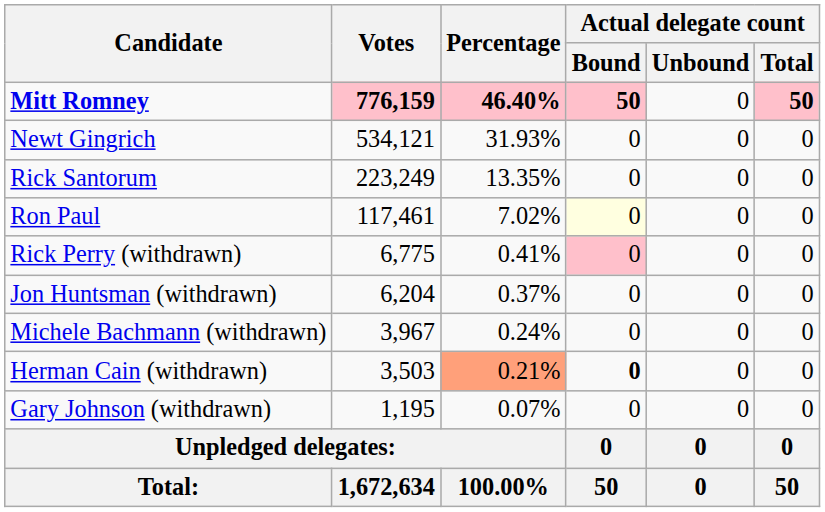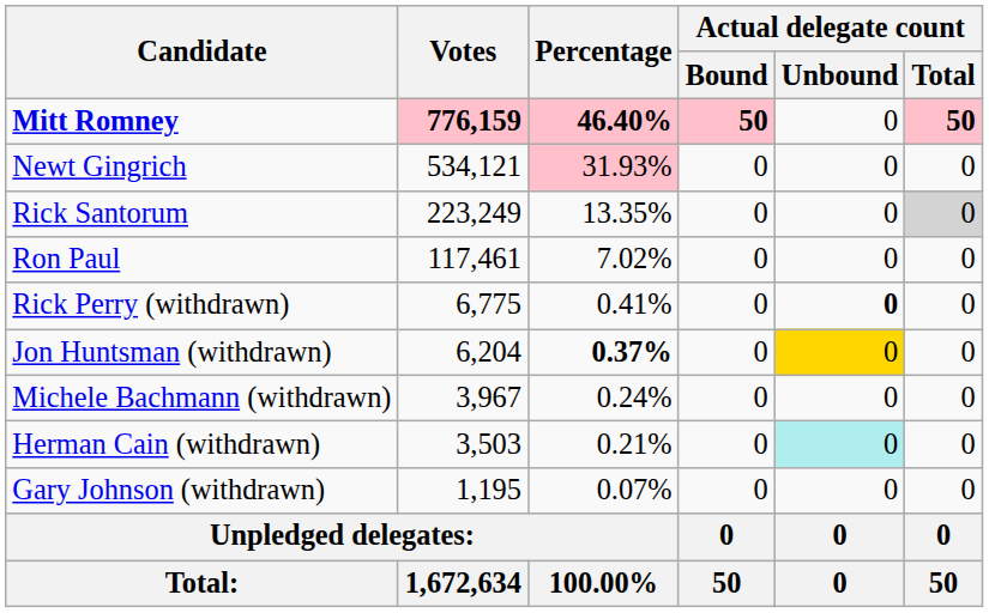 <table class="wikitable" style="text-align:right;">
 <tr>
 <th rowspan="2">Candidate</th>
 <th rowspan="2">Votes</th>
 <th rowspan="2">Percentage </th>
 <th colspan="3">Actual delegate count</th>
 </tr>
 <tr>
 <th>Bound</th>
 <th>Unbound</th>
 <th>Total</th>
 </tr>
 <tr>
 <td style="text-align:left;"> <strong><a href='#'>Mitt Romney</a></strong></td>
 <td style="background:pink;"><strong>776,159</strong></td>
 <td style="background:pink;"><strong>46.40%</strong></td>
 <td style="background:pink;"><strong>50</strong></td>
 <td>0</td>
 <td style="background:pink;"><strong>50</strong></td>
 </tr>
 <tr>
 <td style="text-align:left;"><a href='#'>Newt Gingrich</a></td>
 <td>534,121</td>
-<td>31.93%</td>
+<td style="background: pink;">31.93%</td>
 <td>0</td>
 <td>0</td>
 <td>0</td>
 </tr>
 <tr>
 <td style="text-align:left;"><a href='#'>Rick Santorum</a></td>
 <td>223,249</td>
 <td>13.35%</td>
 <td>0</td>
 <td>0</td>
-<td>0</td>
+<td style="background: lightgrey;">0</td>
 </tr>
 <tr>
 <td style="text-align:left;"><a href='#'>Ron Paul</a></td>
 <td>117,461</td>
 <td>7.02%</td>
-<td style="background: lightyellow;">0</td>
+<td>0</td>
 <td>0</td>
 <td>0</td>
 </tr>
 <tr>
 <td style="text-align:left;"><a href='#'>Rick Perry</a> (withdrawn)</td>
 <td>6,775</td>
 <td>0.41%</td>
-<td style="background: pink;">0</td>
 <td>0</td>
+<td><strong>0</strong></td>
 <td>0</td>
 </tr>
 <tr>
 <td style="text-align:left;"><a href='#'>Jon Huntsman</a> (withdrawn)</td>
 <td>6,204</td>
-<td>0.37%</td>
+<td><strong>0.37%</strong></td>
 <td>0</td>
-<td>0</td>
+<td style="background: gold;">0</td>
 <td>0</td>
 </tr>
 <tr>
 <td style="text-align:left;"><a href='#'>Michele Bachmann</a> (withdrawn)</td>
 <td>3,967</td>
 <td>0.24%</td>
 <td>0</td>
 <td>0</td>
 <td>0</td>
 </tr>
 <tr>
 <td style="text-align:left;"><a href='#'>Herman Cain</a> (withdrawn)</td>
 <td>3,503</td>
-<td style="background: lightsalmon;">0.21%</td>
-<td><strong>0</strong></td>
+<td>0.21%</td>
 <td>0</td>
+<td style="background: paleturquoise;">0</td>
 <td>0</td>
 </tr>
 <tr>
 <td style="text-align:left;"><a href='#'>Gary Johnson</a> (withdrawn)</td>
 <td>1,195</td>
 <td>0.07%</td>
 <td>0</td>
 <td>0</td>
 <td>0</td>
 </tr>
 <tr style="background:#eee;">
 <th colspan="3">Unpledged delegates:</th>
 <th>0</th>
 <th>0</th>
 <th>0</th>
 </tr>
 <tr style="background:#eee;">
 <th>Total:</th>
 <th>1,672,634</th>
 <th>100.00%</th>
 <th>50</th>
 <th>0</th>
 <th>50</th>
 </tr>
 </table>
